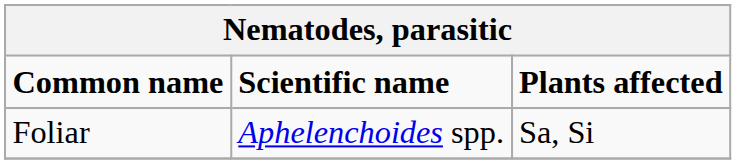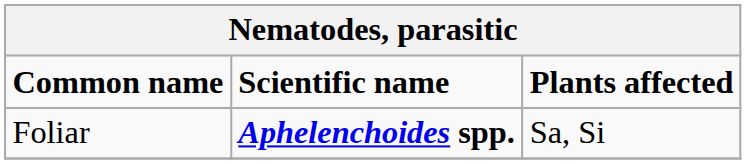 <table class="wikitable" style="clear">
 <tr>
 <th colspan=3><strong>Nematodes, parasitic</strong><br></th>
 </tr>
 <tr>
 <td><strong>Common name</strong></td>
 <td><strong>Scientific name</strong></td>
 <td><strong>Plants affected</strong></td>
 </tr>
 <tr>
 <td>Foliar</td>
-<td><em><a href='#'>Aphelenchoides</a></em> spp.</td>
+<td><strong><em><a href='#'>Aphelenchoides</a></em> spp.</strong></td>
 <td>Sa, Si</td>
 </tr>
 <tr>
 </tr>
 </table>
